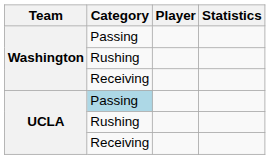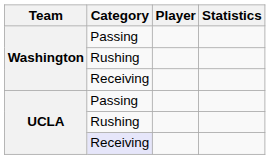 <table class="wikitable" style="float:right">
 <tr>
 <th>Team</th>
 <th>Category</th>
 <th>Player</th>
 <th>Statistics</th>
 </tr>
 <tr>
 <th rowspan=3>Washington</th>
 <td>Passing</td>
 <td></td>
 <td></td>
 </tr>
 <tr>
 <td>Rushing</td>
 <td></td>
 <td></td>
 </tr>
 <tr>
 <td>Receiving</td>
 <td></td>
 <td></td>
 </tr>
 <tr>
 <th rowspan=3>UCLA</th>
-<td style="background: lightblue;">Passing</td>
+<td>Passing</td>
 <td></td>
 <td></td>
 </tr>
 <tr>
 <td>Rushing</td>
 <td></td>
 <td></td>
 </tr>
 <tr>
-<td>Receiving</td>
+<td style="background: lavender;">Receiving</td>
 <td></td>
 <td></td>
 </tr>
 </table>
